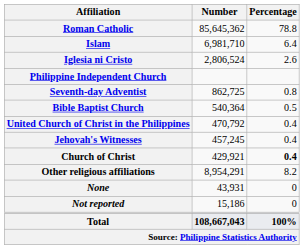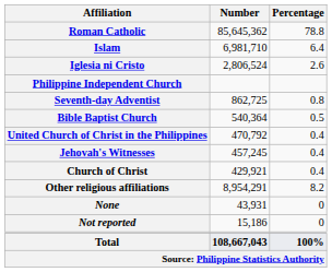 <table class="wikitable sortable plainrowheaders mw-datatable" style="text-align:right;">
 <tr>
 <th scope="col">Affiliation</th>
 <th scope="col">Number</th>
 <th scope="col">Percentage</th>
 </tr>
 <tr>
 <th scope="row"><a href='#'>Roman Catholic</a></th>
 <td>85,645,362</td>
 <td>78.8</td>
 </tr>
 <tr>
 <th scope=row><a href='#'>Islam</a></th>
 <td>6,981,710</td>
 <td>6.4</td>
 </tr>
 <tr>
 <th scope=row><a href='#'>Iglesia ni Cristo</a></th>
 <td>2,806,524</td>
 <td>2.6</td>
 </tr>
 <tr>
 <th scope="row"><a href='#'>Philippine Independent Church</a> </th>
 <td> </td>
 <td> </td>
 </tr>
 <tr>
 <th scope=row><a href='#'>Seventh-day Adventist</a></th>
 <td>862,725</td>
 <td>0.8</td>
 </tr>
 <tr>
 <th scope="row"><a href='#'>Bible Baptist Church</a></th>
 <td>540,364</td>
 <td>0.5</td>
 </tr>
 <tr>
 <th scope="row"><a href='#'>United Church of Christ in the Philippines</a></th>
 <td>470,792</td>
 <td>0.4</td>
 </tr>
 <tr>
 <th scope="row"><a href='#'>Jehovah's Witnesses</a></th>
 <td>457,245</td>
 <td>0.4</td>
 </tr>
 <tr>
 <th scope="row">Church of Christ</th>
 <td>429,921</td>
-<td><strong>0.4</strong></td>
+<td>0.4</td>
 </tr>
 <tr>
 <th scope="row">Other religious affiliations</th>
 <td>8,954,291</td>
 <td>8.2</td>
 </tr>
 <tr>
 <th scope="row"><em>None</em></th>
 <td>43,931</td>
 <td>0</td>
 </tr>
 <tr>
 <th scope="row"><em>Not reported</em></th>
 <td>15,186</td>
 <td>0</td>
 </tr>
 <tr class="sortbottom" style="font-weight:700; border-top-style:double;">
 <th scope="row" style="font-weight:700;">Total</th>
 <td style="background-color:#eaecf0;">108,667,043</td>
 <td style="background-color:#eaecf0;">100%</td>
 </tr>
 <tr class="sortbottom" style="font-size:90%;">
 <th scope="row" colspan="5" style="text-align:right;">Source: <a href='#'>Philippine Statistics Authority</a></th>
 </tr>
 </table>
